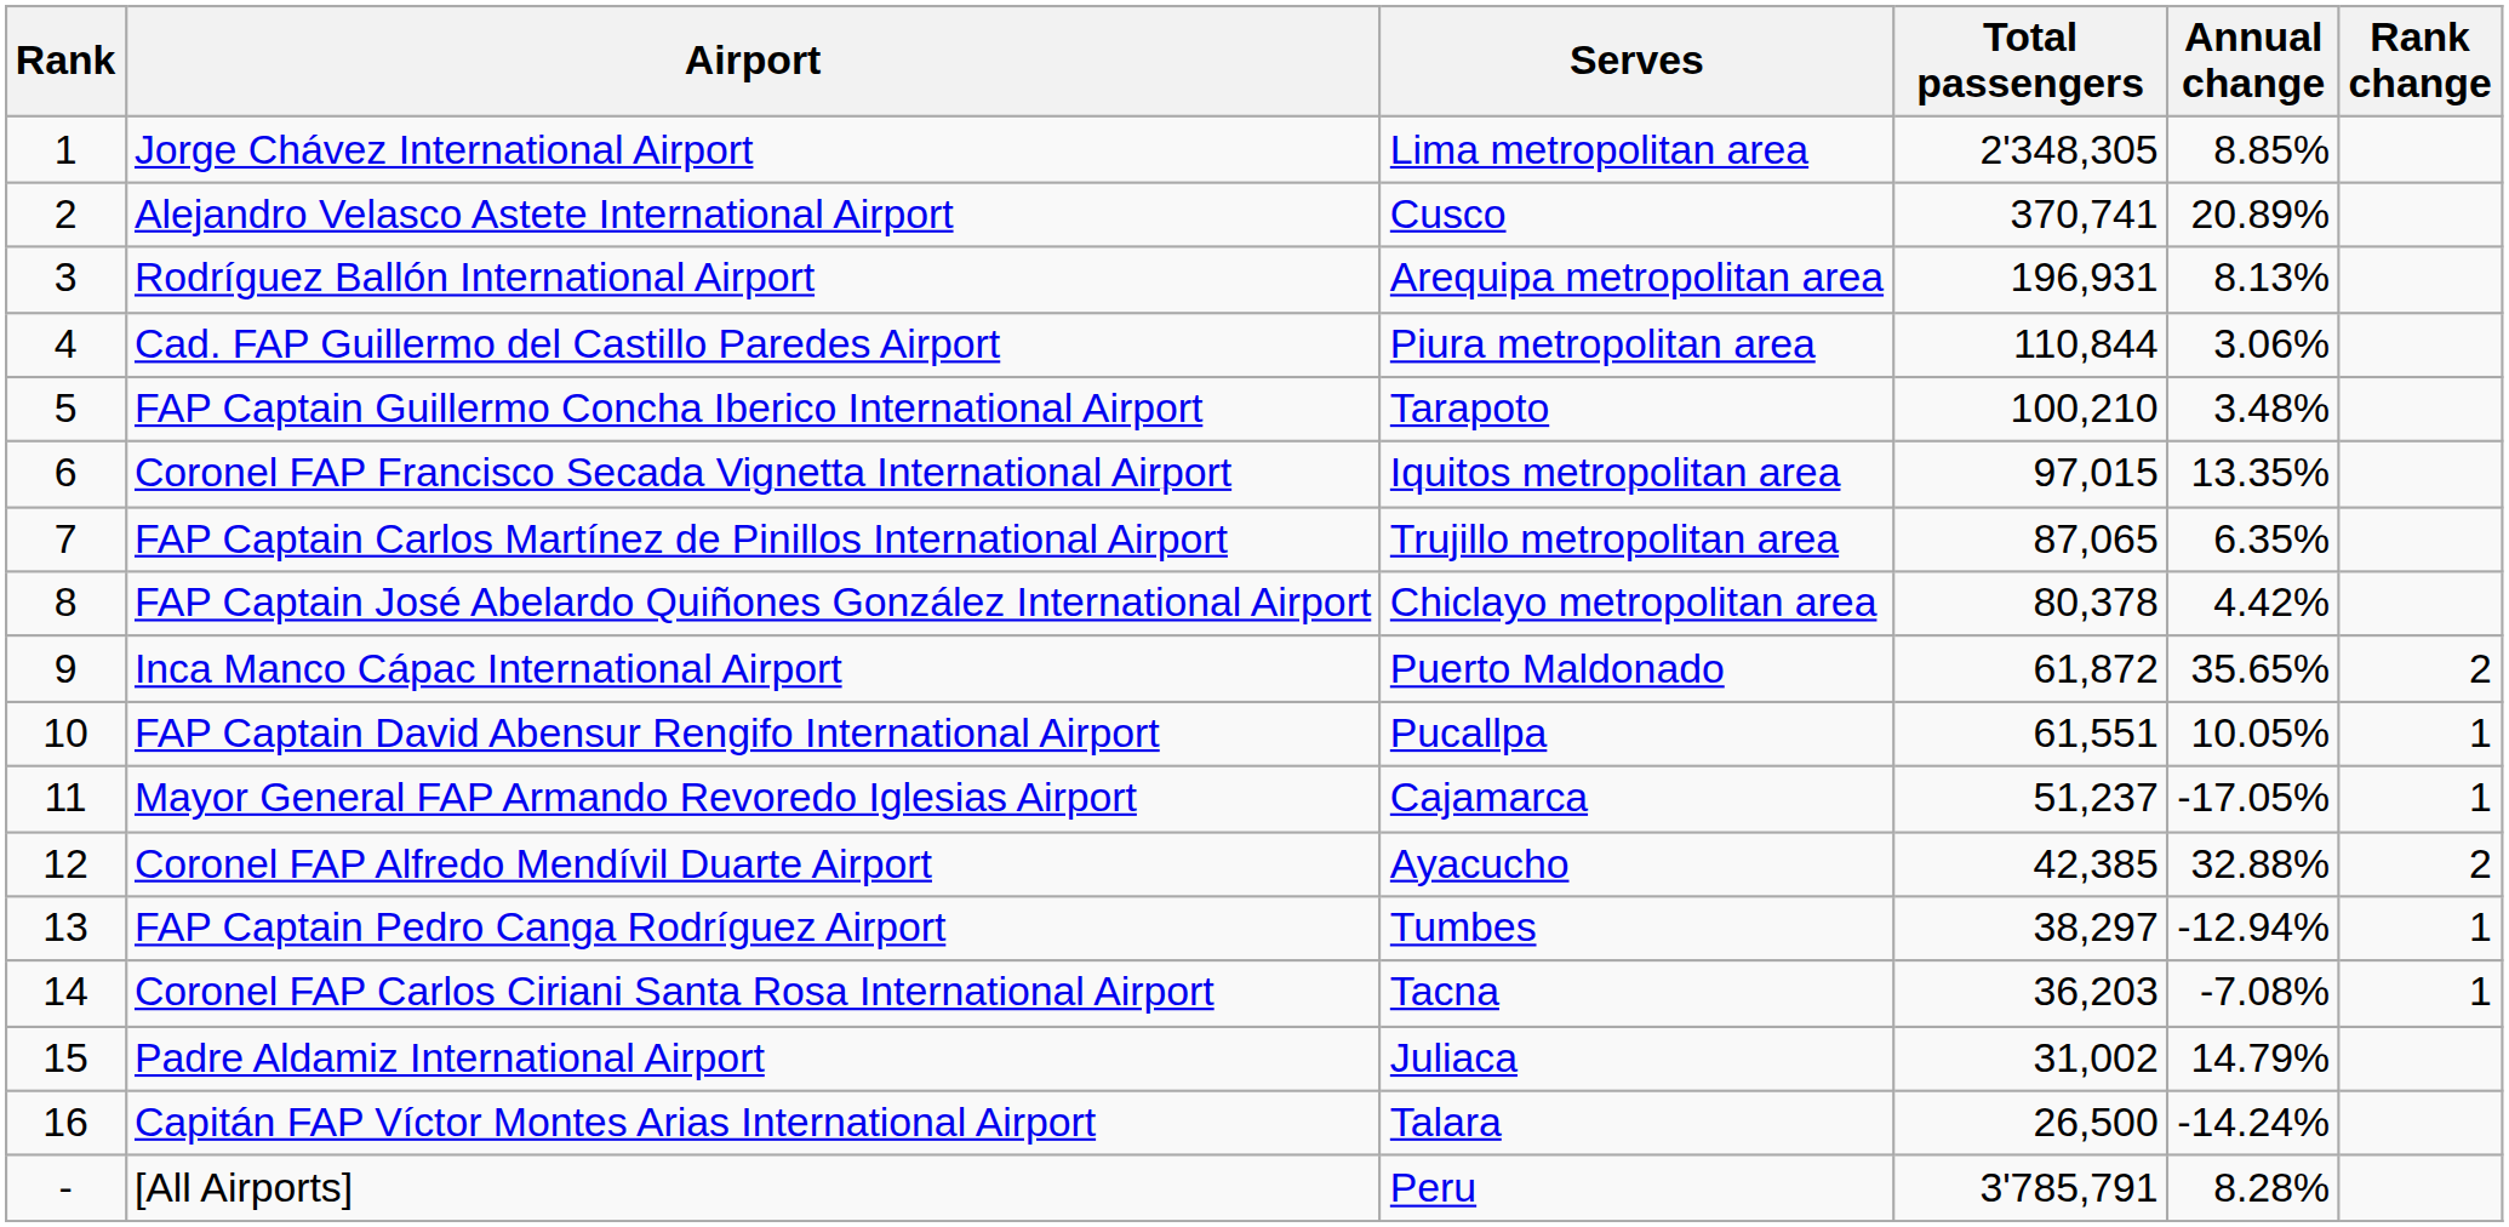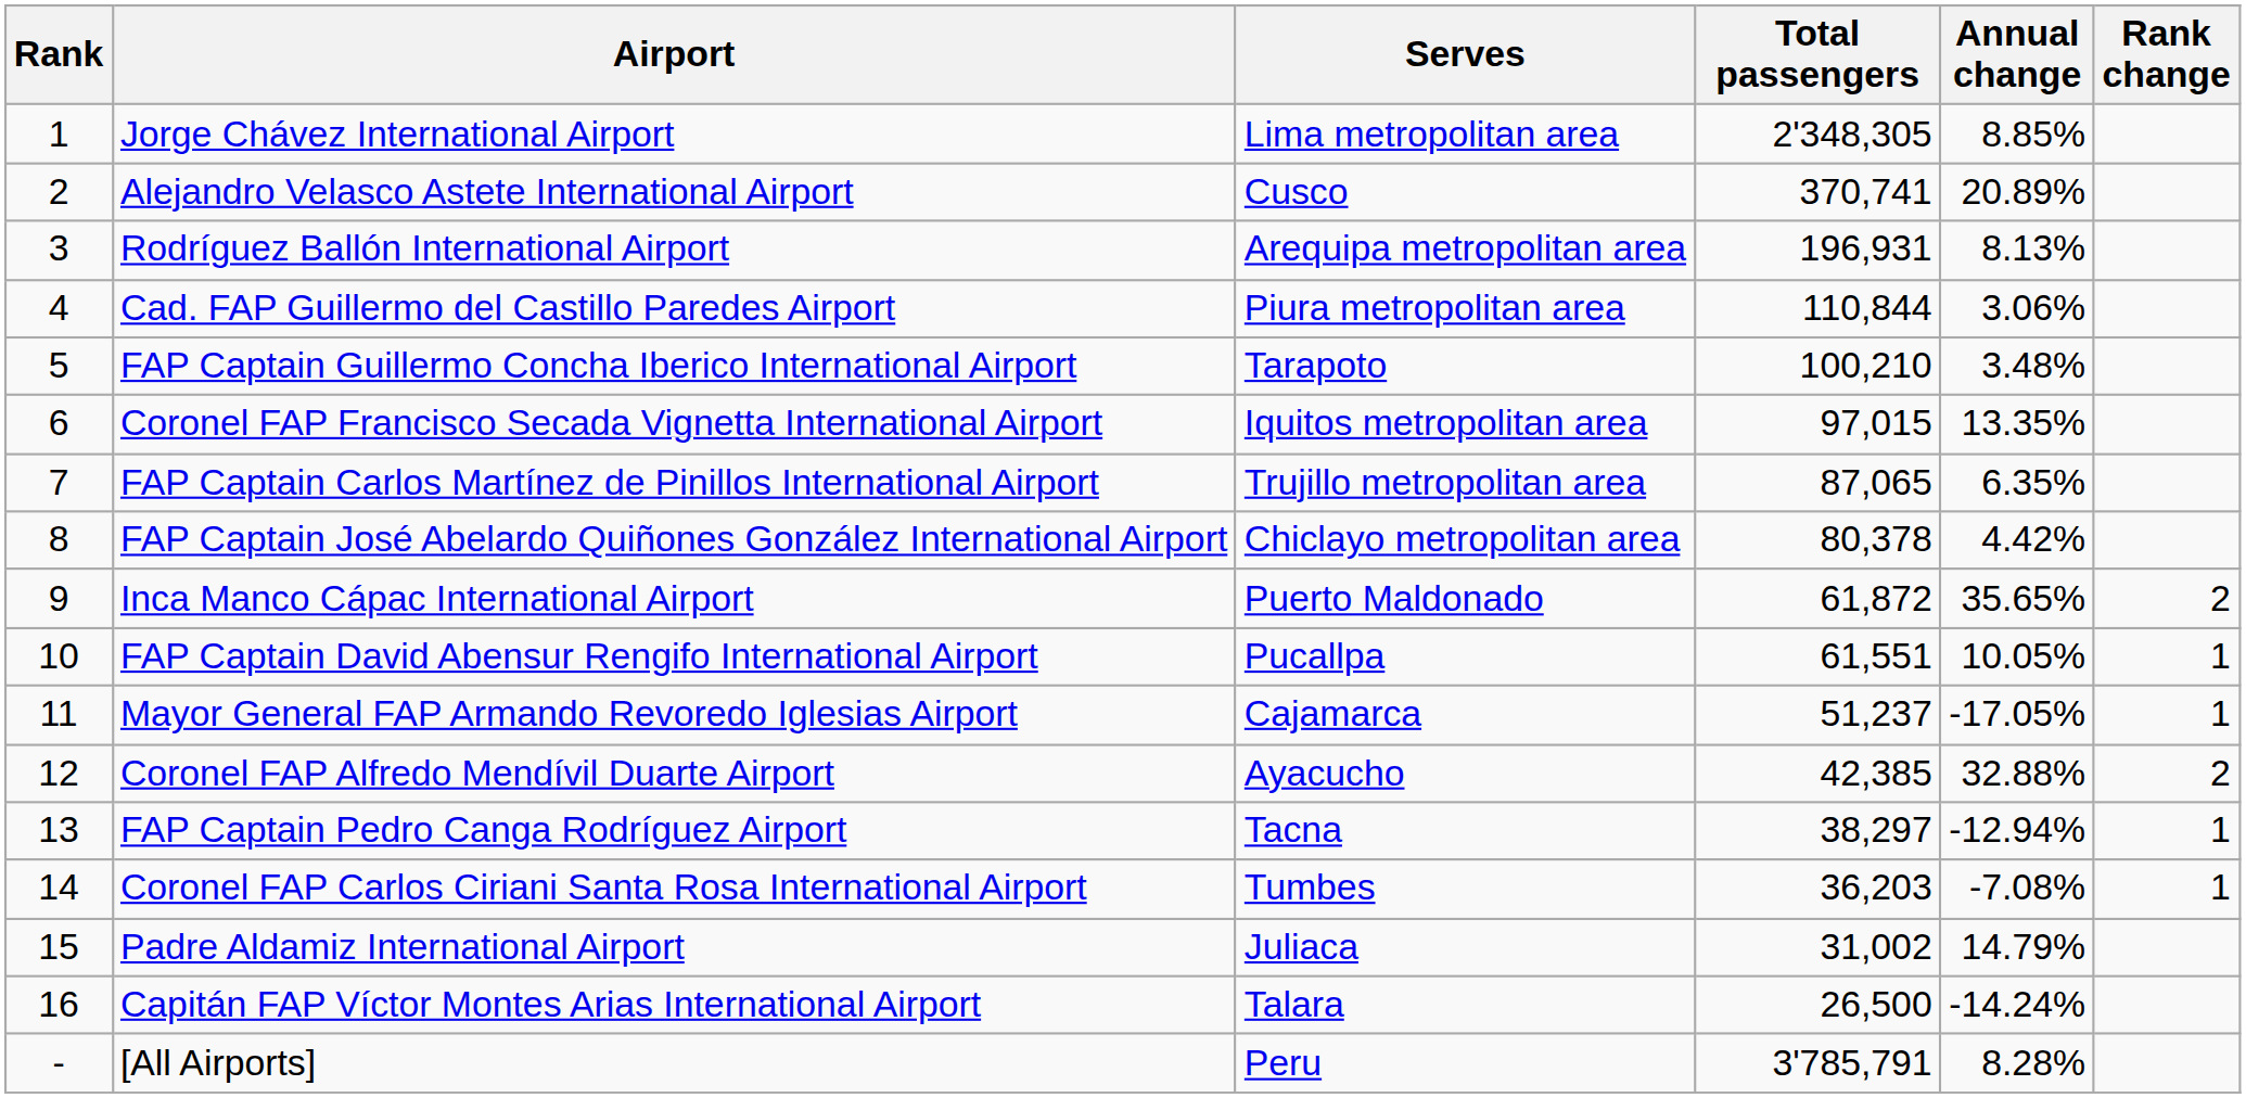 <table class="wikitable sortable">
 <tr>
 <th>Rank</th>
 <th>Airport</th>
 <th>Serves</th>
 <th style="width:100px">Total<br>passengers</th>
 <th>Annual<br>change</th>
 <th>Rank<br>change</th>
 </tr>
 <tr>
 <td align="center">1</td>
 <td><a href='#'>Jorge Chávez International Airport</a></td>
 <td><a href='#'>Lima metropolitan area</a></td>
 <td align="right">2'348,305</td>
 <td align="right">8.85%</td>
 <td align="right"></td>
 </tr>
 <tr>
 <td align="center">2</td>
 <td><a href='#'>Alejandro Velasco Astete International Airport</a></td>
 <td><a href='#'>Cusco</a></td>
 <td align="right">370,741</td>
 <td align="right">20.89%</td>
 <td align="right"></td>
 </tr>
 <tr>
 <td align="center">3</td>
 <td><a href='#'>Rodríguez Ballón International Airport</a></td>
 <td><a href='#'>Arequipa metropolitan area</a></td>
 <td align="right">196,931</td>
 <td align="right">8.13%</td>
 <td align="right"></td>
 </tr>
 <tr>
 <td align="center">4</td>
 <td><a href='#'>Cad. FAP Guillermo del Castillo Paredes Airport</a></td>
 <td><a href='#'>Piura metropolitan area</a></td>
 <td align="right">110,844</td>
 <td align="right">3.06%</td>
 <td align="right"></td>
 </tr>
 <tr>
 <td align="center">5</td>
 <td><a href='#'>FAP Captain Guillermo Concha Iberico International Airport</a></td>
 <td><a href='#'>Tarapoto</a></td>
 <td align="right">100,210</td>
 <td align="right">3.48%</td>
 <td align="right"></td>
 </tr>
 <tr>
 <td align="center">6</td>
 <td><a href='#'>Coronel FAP Francisco Secada Vignetta International Airport</a></td>
 <td><a href='#'>Iquitos metropolitan area</a></td>
 <td align="right">97,015</td>
 <td align="right">13.35%</td>
 <td align="right"></td>
 </tr>
 <tr>
 <td align="center">7</td>
 <td><a href='#'>FAP Captain Carlos Martínez de Pinillos International Airport</a></td>
 <td><a href='#'>Trujillo metropolitan area</a></td>
 <td align="right">87,065</td>
 <td align="right">6.35%</td>
 <td align="right"></td>
 </tr>
 <tr>
 <td align="center">8</td>
 <td><a href='#'>FAP Captain José Abelardo Quiñones González International Airport</a></td>
 <td><a href='#'>Chiclayo metropolitan area</a></td>
 <td align="right">80,378</td>
 <td align="right">4.42%</td>
 <td align="right"></td>
 </tr>
 <tr>
 <td align="center">9</td>
 <td><a href='#'>Inca Manco Cápac International Airport</a></td>
 <td><a href='#'>Puerto Maldonado</a></td>
 <td align="right">61,872</td>
 <td align="right">35.65%</td>
 <td align="right">2</td>
 </tr>
 <tr>
 <td align="center">10</td>
 <td><a href='#'>FAP Captain David Abensur Rengifo International Airport</a></td>
 <td><a href='#'>Pucallpa</a></td>
 <td align="right">61,551</td>
 <td align="right">10.05%</td>
 <td align="right">1</td>
 </tr>
 <tr>
 <td align="center">11</td>
 <td><a href='#'>Mayor General FAP Armando Revoredo Iglesias Airport</a></td>
 <td><a href='#'>Cajamarca</a></td>
 <td align="right">51,237</td>
 <td align="right">-17.05%</td>
 <td align="right">1</td>
 </tr>
 <tr>
 <td align="center">12</td>
 <td><a href='#'>Coronel FAP Alfredo Mendívil Duarte Airport</a></td>
 <td><a href='#'>Ayacucho</a></td>
 <td align="right">42,385</td>
 <td align="right">32.88%</td>
 <td align="right">2</td>
 </tr>
 <tr>
 <td align="center">13</td>
 <td><a href='#'>FAP Captain Pedro Canga Rodríguez Airport</a></td>
-<td><a href='#'>Tumbes</a></td>
+<td><a href='#'>Tacna</a></td>
 <td align="right">38,297</td>
 <td align="right">-12.94%</td>
 <td align="right">1</td>
 </tr>
 <tr>
 <td align="center">14</td>
 <td><a href='#'>Coronel FAP Carlos Ciriani Santa Rosa International Airport</a></td>
-<td><a href='#'>Tacna</a></td>
+<td><a href='#'>Tumbes</a></td>
 <td align="right">36,203</td>
 <td align="right">-7.08%</td>
 <td align="right">1</td>
 </tr>
 <tr>
 <td align="center">15</td>
 <td><a href='#'>Padre Aldamiz International Airport</a></td>
 <td><a href='#'>Juliaca</a></td>
 <td align="right">31,002</td>
 <td align="right">14.79%</td>
 <td align="right"></td>
 </tr>
 <tr>
 <td align="center">16</td>
 <td><a href='#'>Capitán FAP Víctor Montes Arias International Airport</a></td>
 <td><a href='#'>Talara</a></td>
 <td align="right">26,500</td>
 <td align="right">-14.24%</td>
 <td align="right"></td>
 </tr>
 <tr>
 <td align="center">-</td>
 <td>[All Airports]</td>
 <td><a href='#'>Peru</a></td>
 <td align="right">3'785,791</td>
 <td align="right">8.28%</td>
 <td align="right"></td>
 </tr>
 <tr>
 </tr>
 </table>
